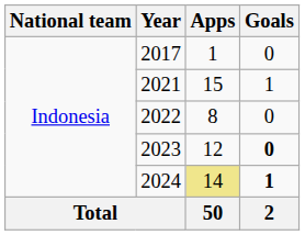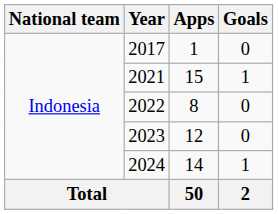 <table class="wikitable" style="text-align:center">
 <tr>
 <th>National team</th>
 <th>Year</th>
 <th>Apps</th>
 <th>Goals</th>
 </tr>
 <tr>
 <td rowspan="5"><a href='#'>Indonesia</a></td>
 <td>2017</td>
 <td>1</td>
 <td>0</td>
 </tr>
 <tr>
 <td>2021</td>
 <td>15</td>
 <td>1</td>
 </tr>
 <tr>
 <td>2022</td>
 <td>8</td>
 <td>0</td>
 </tr>
 <tr>
 <td>2023</td>
 <td>12</td>
-<td><strong>0</strong></td>
+<td>0</td>
 </tr>
 <tr>
 <td>2024</td>
-<td style="background: khaki;">14</td>
-<td><strong>1</strong></td>
+<td>14</td>
+<td>1</td>
 </tr>
 <tr>
 <th colspan="2">Total</th>
 <th>50</th>
 <th>2</th>
 </tr>
 </table>
